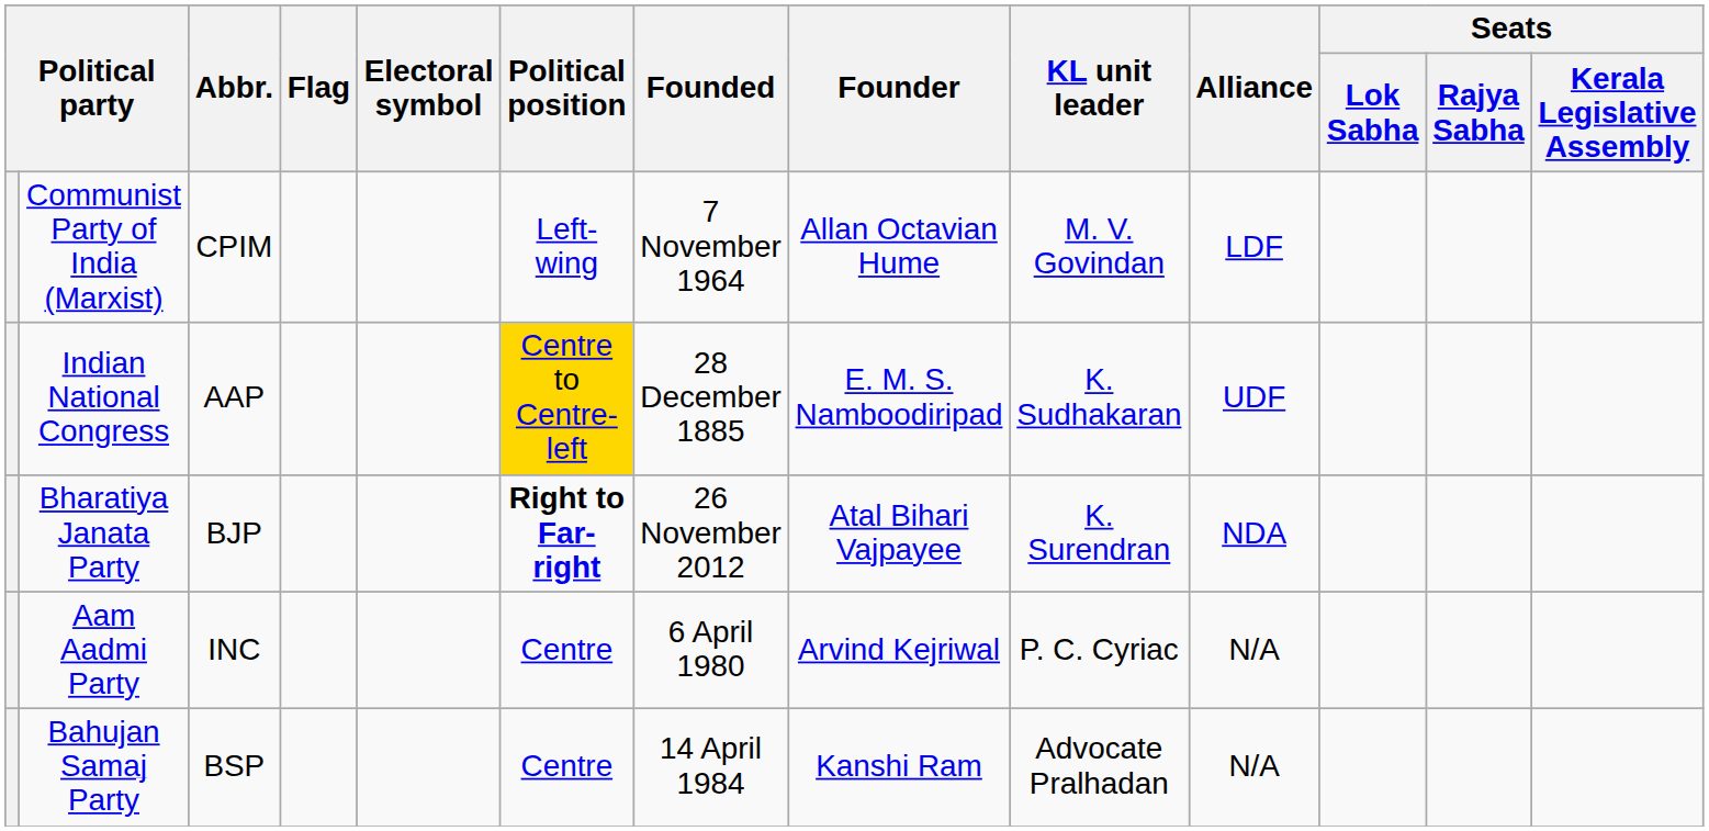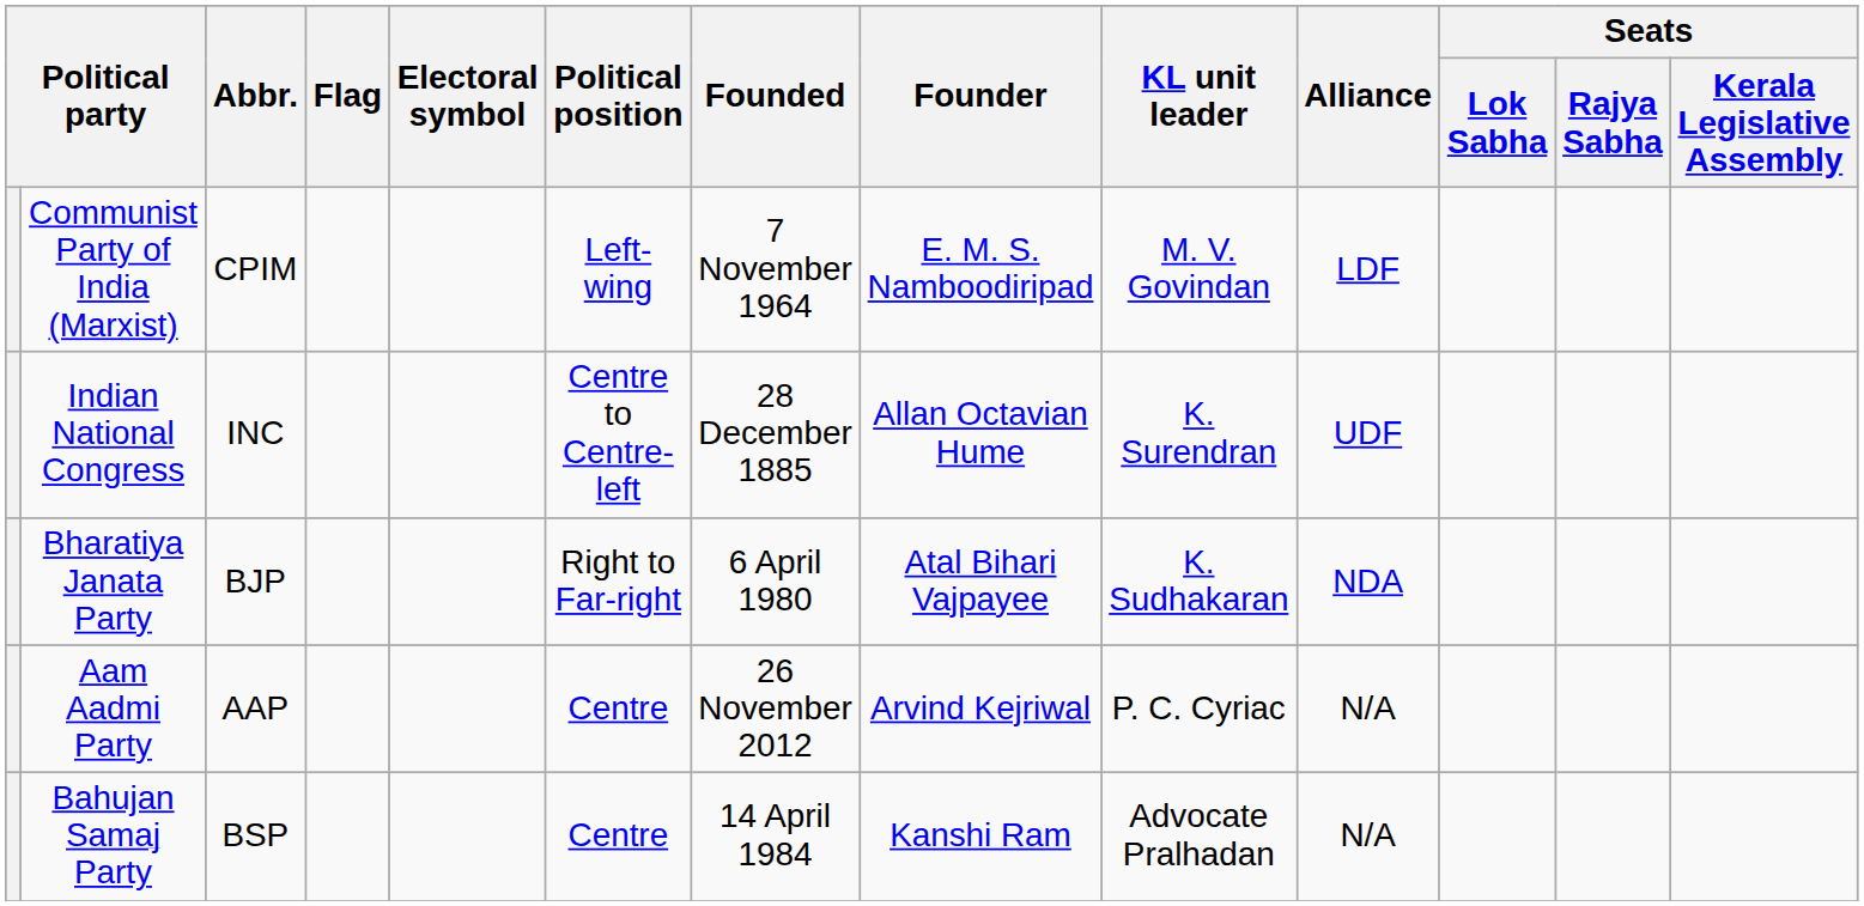 <table class="wikitable sortable" style="text-align:center;">
 <tr>
 <th colspan=2 rowspan=2>Political party</th>
 <th rowspan="2">Abbr.</th>
 <th rowspan="2">Flag</th>
 <th rowspan=2>Electoral symbol</th>
 <th rowspan=2>Political position</th>
 <th rowspan=2>Founded</th>
 <th rowspan=2>Founder</th>
 <th rowspan=2><a href='#'>KL</a> unit leader</th>
 <th rowspan=2>Alliance</th>
 <th colspan=4>Seats</th>
 </tr>
 <tr>
 <th><a href='#'>Lok Sabha</a></th>
 <th><a href='#'>Rajya Sabha</a></th>
 <th><a href='#'>Kerala Legislative Assembly</a></th>
 </tr>
 <tr>
 <th style="background-color:"></th>
 <td><a href='#'>Communist Party of India (Marxist)</a></td>
 <td>CPIM</td>
 <td></td>
 <td></td>
 <td><a href='#'>Left-wing</a></td>
 <td>7 November 1964</td>
-<td><a href='#'>Allan Octavian Hume</a></td>
+<td><a href='#'>E. M. S. Namboodiripad</a></td>
 <td><a href='#'>M. V. Govindan</a></td>
 <td><a href='#'>LDF</a></td>
 <td></td>
 <td></td>
 <td></td>
 </tr>
 <tr>
 <th style="background-color:"></th>
 <td><a href='#'>Indian National Congress</a></td>
-<td>AAP</td>
+<td>INC</td>
 <td></td>
 <td></td>
-<td style="background: gold;"><a href='#'>Centre</a> to <a href='#'>Centre-left</a></td>
+<td><a href='#'>Centre</a> to <a href='#'>Centre-left</a></td>
 <td>28 December 1885</td>
-<td><a href='#'>E. M. S. Namboodiripad</a></td>
-<td><a href='#'>K. Sudhakaran</a></td>
+<td><a href='#'>Allan Octavian Hume</a></td>
+<td><a href='#'>K. Surendran</a></td>
 <td><a href='#'>UDF</a></td>
 <td></td>
 <td></td>
 <td></td>
 </tr>
 <tr>
 <th style="background-color:"></th>
 <td><a href='#'>Bharatiya Janata Party</a></td>
 <td>BJP</td>
 <td></td>
 <td></td>
-<td><strong>Right to <a href='#'>Far-right</a></strong></td>
-<td>26 November 2012</td>
+<td>Right to <a href='#'>Far-right</a></td>
+<td>6 April 1980</td>
 <td><a href='#'>Atal Bihari Vajpayee</a></td>
-<td><a href='#'>K. Surendran</a></td>
+<td><a href='#'>K. Sudhakaran</a></td>
 <td><a href='#'>NDA</a></td>
 <td></td>
 <td></td>
 <td></td>
 </tr>
 <tr>
 <th style="background-color:"></th>
 <td><a href='#'>Aam Aadmi Party</a></td>
-<td>INC</td>
+<td>AAP</td>
 <td></td>
 <td></td>
 <td><a href='#'>Centre</a></td>
-<td>6 April 1980</td>
+<td>26 November 2012</td>
 <td><a href='#'>Arvind Kejriwal</a></td>
 <td>P. C. Cyriac</td>
 <td>N/A</td>
 <td></td>
 <td></td>
 <td></td>
 </tr>
 <tr>
 <th style="background-color:"></th>
 <td><a href='#'>Bahujan Samaj Party</a></td>
 <td>BSP</td>
 <td></td>
 <td></td>
 <td><a href='#'>Centre</a></td>
 <td>14 April 1984</td>
 <td><a href='#'>Kanshi Ram</a></td>
 <td>Advocate Pralhadan</td>
 <td>N/A</td>
 <td></td>
 <td></td>
 <td></td>
 </tr>
 </table>
